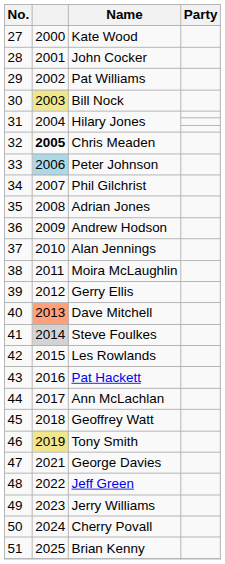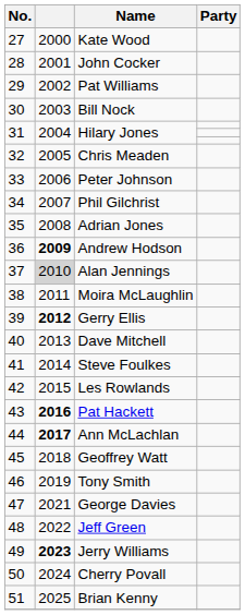 <table class="wikitable sortable">
 <tr>
 <th>No.</th>
 <th></th>
 <th>Name</th>
 <th colspan="2">Party</th>
 </tr>
 <tr>
 <td>27</td>
 <td>2000</td>
 <td>Kate Wood</td>
 <td></td>
 </tr>
 <tr>
 <td>28</td>
 <td>2001</td>
 <td>John Cocker</td>
 <td></td>
 </tr>
 <tr>
 <td>29</td>
 <td>2002</td>
 <td>Pat Williams</td>
 <td></td>
 </tr>
 <tr>
 <td>30</td>
-<td style="background: khaki;">2003</td>
+<td>2003</td>
 <td>Bill Nock</td>
 <td></td>
 </tr>
 <tr>
 <td rowspan=3>31</td>
 <td rowspan=3>2004</td>
 <td rowspan=3>Hilary Jones</td>
 <td></td>
 </tr>
 <tr>
 <td></td>
 </tr>
 <tr>
 <td></td>
 </tr>
 <tr>
 <td>32</td>
-<td><strong>2005</strong></td>
+<td>2005</td>
 <td>Chris Meaden</td>
 <td></td>
 </tr>
 <tr>
 <td>33</td>
-<td style="background: lightblue;">2006</td>
+<td>2006</td>
 <td>Peter Johnson</td>
 <td></td>
 </tr>
 <tr>
 <td>34</td>
 <td>2007</td>
 <td>Phil Gilchrist</td>
 <td></td>
 </tr>
 <tr>
 <td>35</td>
 <td>2008</td>
 <td>Adrian Jones</td>
 <td></td>
 </tr>
 <tr>
 <td>36</td>
-<td>2009</td>
+<td><strong>2009</strong></td>
 <td>Andrew Hodson</td>
 <td></td>
 </tr>
 <tr>
 <td>37</td>
-<td>2010</td>
+<td style="background: lightgrey;">2010</td>
 <td>Alan Jennings</td>
 <td></td>
 </tr>
 <tr>
 <td>38</td>
 <td>2011</td>
 <td>Moira McLaughlin</td>
 <td></td>
 </tr>
 <tr>
 <td>39</td>
-<td>2012</td>
+<td><strong>2012</strong></td>
 <td>Gerry Ellis</td>
 <td></td>
 </tr>
 <tr>
 <td>40</td>
-<td style="background: lightsalmon;">2013</td>
+<td>2013</td>
 <td>Dave Mitchell</td>
 <td></td>
 </tr>
 <tr>
 <td>41</td>
-<td style="background: lightgrey;">2014</td>
+<td>2014</td>
 <td>Steve Foulkes</td>
 <td></td>
 </tr>
 <tr>
 <td>42</td>
 <td>2015</td>
 <td>Les Rowlands</td>
 <td></td>
 </tr>
 <tr>
 <td>43</td>
-<td>2016</td>
+<td><strong>2016</strong></td>
 <td><a href='#'>Pat Hackett</a></td>
 <td></td>
 </tr>
 <tr>
 <td>44</td>
-<td>2017</td>
+<td><strong>2017</strong></td>
 <td>Ann McLachlan</td>
 <td></td>
 </tr>
 <tr>
 <td>45</td>
 <td>2018</td>
 <td>Geoffrey Watt</td>
 <td></td>
 </tr>
 <tr>
 <td>46</td>
-<td style="background: khaki;">2019</td>
+<td>2019</td>
 <td>Tony Smith</td>
 <td></td>
 </tr>
 <tr>
 <td>47</td>
 <td>2021</td>
 <td>George Davies</td>
 <td></td>
 </tr>
 <tr>
 <td>48</td>
 <td>2022</td>
 <td><a href='#'>Jeff Green</a></td>
 <td></td>
 </tr>
 <tr>
 <td>49</td>
-<td>2023</td>
+<td><strong>2023</strong></td>
 <td>Jerry Williams</td>
 <td></td>
 </tr>
 <tr>
 <td>50</td>
 <td>2024</td>
 <td>Cherry Povall</td>
 <td></td>
 </tr>
 <tr>
 <td>51</td>
 <td>2025</td>
 <td>Brian Kenny</td>
 <td></td>
 </tr>
 <tr>
 </tr>
 </table>
